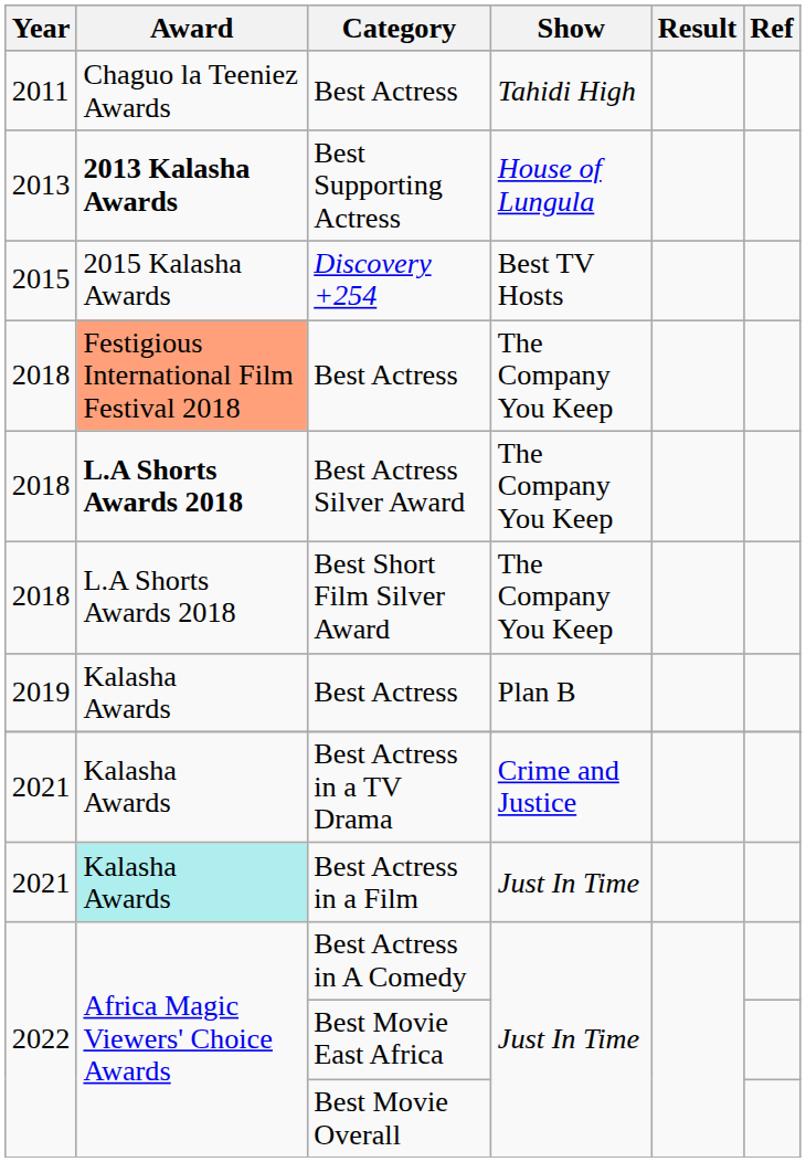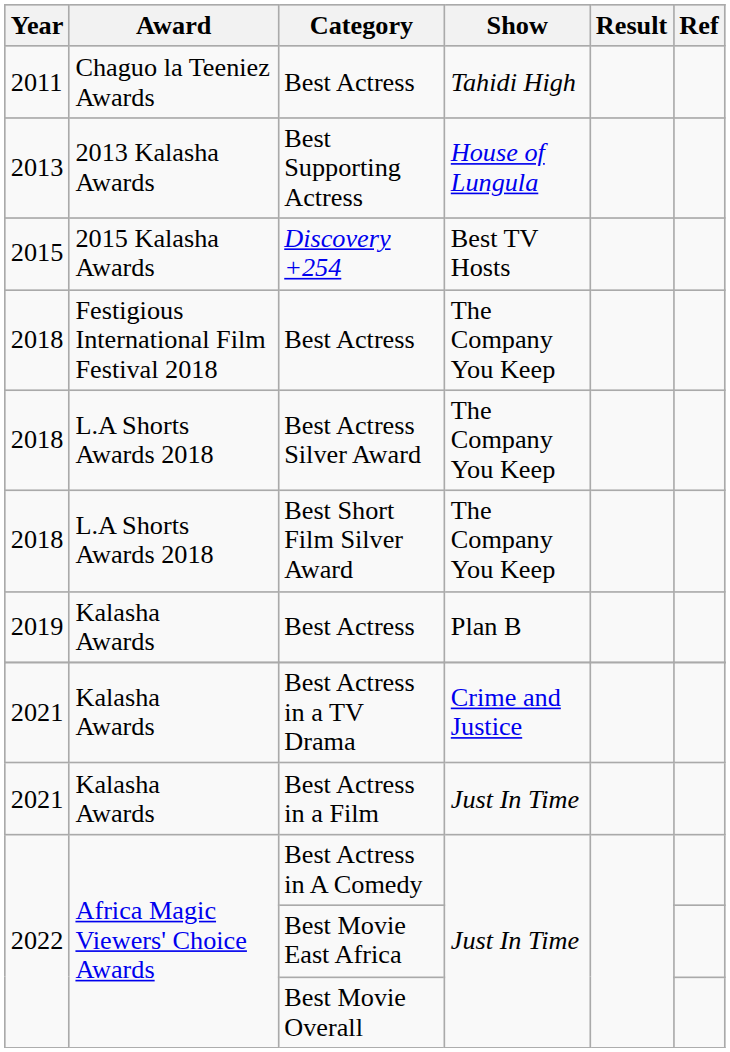 <table class="wikitable" width=440px>
 <tr>
 <th>Year</th>
 <th>Award</th>
 <th>Category</th>
 <th>Show</th>
 <th>Result</th>
 <th>Ref</th>
 </tr>
 <tr>
 <td>2011</td>
 <td>Chaguo la Teeniez Awards</td>
 <td>Best Actress</td>
 <td><em>Tahidi High</em></td>
 <td></td>
 <td></td>
 </tr>
 <tr>
 <td>2013</td>
-<td><strong>2013 Kalasha Awards</strong></td>
+<td>2013 Kalasha Awards</td>
 <td>Best Supporting Actress</td>
 <td><em><a href='#'>House of Lungula</a></em></td>
 <td></td>
 <td></td>
 </tr>
 <tr>
 <td>2015</td>
 <td>2015 Kalasha Awards</td>
 <td><em><a href='#'>Discovery +254</a></em></td>
 <td>Best TV Hosts</td>
 <td></td>
 <td></td>
 </tr>
 <tr>
 <td>2018</td>
-<td style="background: lightsalmon;">Festigious International Film Festival 2018</td>
+<td>Festigious International Film Festival 2018</td>
 <td>Best Actress</td>
 <td>The Company You  Keep</td>
 <td></td>
 <td></td>
 </tr>
 <tr>
 <td>2018</td>
-<td><strong>L.A Shorts Awards 2018</strong></td>
+<td>L.A Shorts Awards 2018</td>
 <td>Best Actress Silver Award</td>
 <td>The Company You  Keep</td>
 <td></td>
 <td></td>
 </tr>
 <tr>
 <td>2018</td>
 <td>L.A Shorts Awards 2018</td>
 <td>Best Short Film Silver Award</td>
 <td>The Company You  Keep</td>
 <td></td>
 <td></td>
 </tr>
 <tr>
 <td>2019</td>
 <td>Kalasha<br>Awards</td>
 <td>Best Actress</td>
 <td>Plan B</td>
 <td></td>
 <td></td>
 </tr>
 <tr>
 </tr>
 <tr>
 <td>2021</td>
 <td>Kalasha<br>Awards</td>
 <td>Best Actress in a TV Drama</td>
 <td><a href='#'>Crime and Justice</a></td>
 <td></td>
 <td></td>
 </tr>
 <tr>
 <td>2021</td>
-<td style="background: paleturquoise;">Kalasha<br>Awards</td>
+<td>Kalasha<br>Awards</td>
 <td>Best Actress in a Film</td>
 <td><em>Just In Time</em></td>
 <td></td>
 <td></td>
 </tr>
 <tr>
 <td rowspan="3">2022</td>
 <td rowspan="3"><a href='#'>Africa Magic Viewers' Choice Awards</a></td>
 <td>Best Actress in A Comedy</td>
 <td rowspan="3"><em>Just In Time</em></td>
 <td rowspan="3"></td>
 <td></td>
 </tr>
 <tr>
 <td>Best Movie East Africa</td>
 <td></td>
 </tr>
 <tr>
 <td>Best Movie Overall</td>
 <td></td>
 </tr>
 </table>
